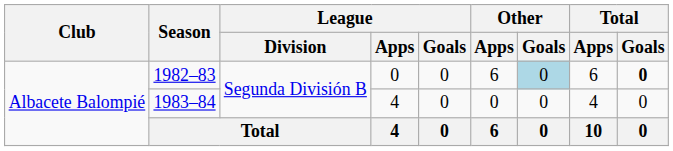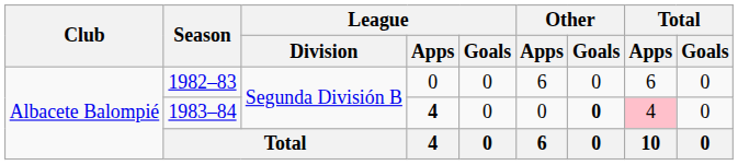 <table class="wikitable" style="text-align: center;">
 <tr>
 <th rowspan="2">Club</th>
 <th rowspan="2">Season</th>
 <th colspan="3">League</th>
 <th colspan="2">Other</th>
 <th colspan="2">Total</th>
 </tr>
 <tr>
 <th>Division</th>
 <th>Apps</th>
 <th>Goals</th>
 <th>Apps</th>
 <th>Goals</th>
 <th>Apps</th>
 <th>Goals</th>
 </tr>
 <tr>
 <td rowspan="3" valign="center"><a href='#'>Albacete Balompié</a></td>
 <td><a href='#'>1982–83</a></td>
 <td rowspan="2"><a href='#'>Segunda División B</a></td>
 <td>0</td>
 <td>0</td>
 <td>6</td>
-<td style="background: lightblue;">0</td>
+<td>0</td>
 <td>6</td>
-<td><strong>0</strong></td>
+<td>0</td>
 </tr>
 <tr>
 <td><a href='#'>1983–84</a></td>
-<td>4</td>
+<td><strong>4</strong></td>
 <td>0</td>
 <td>0</td>
-<td>0</td>
-<td>4</td>
+<td><strong>0</strong></td>
+<td style="background: pink;">4</td>
 <td>0</td>
 </tr>
 <tr>
 <th colspan="2">Total</th>
 <th>4</th>
 <th>0</th>
 <th>6</th>
 <th>0</th>
 <th>10</th>
 <th>0</th>
 </tr>
 </table>
